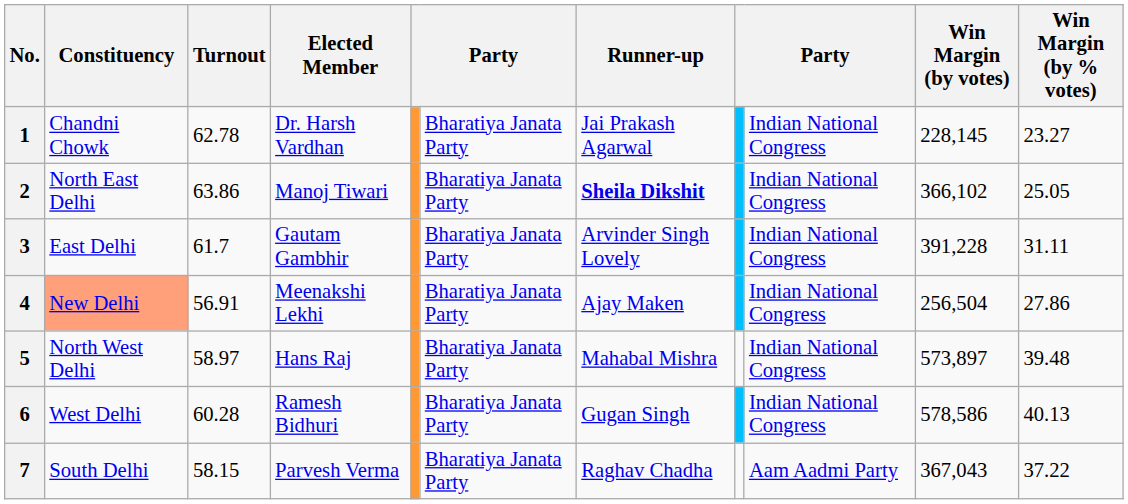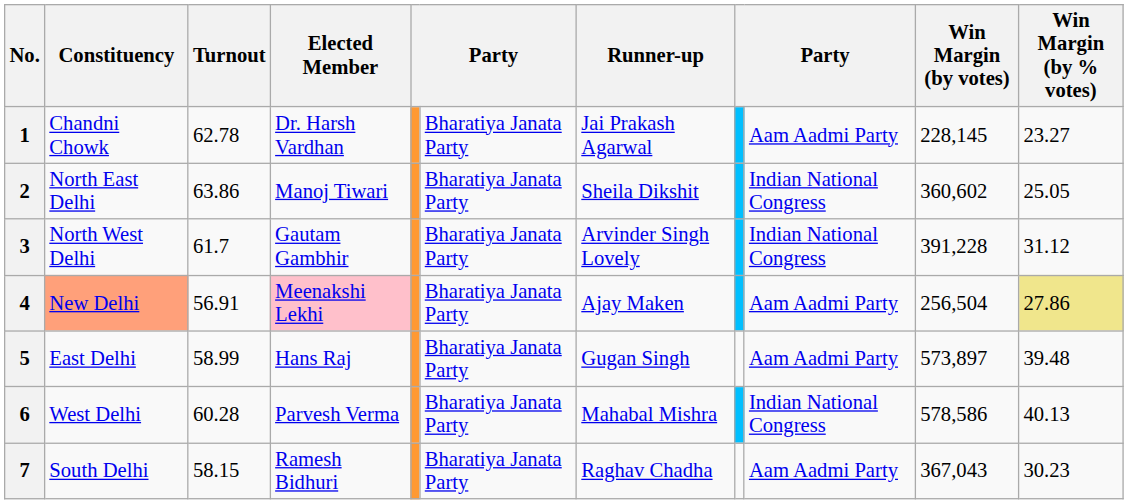 <table class="wikitable sortable">
 <tr>
 <th>No.</th>
 <th>Constituency</th>
 <th>Turnout<strong></strong></th>
 <th>Elected Member</th>
 <th colspan="2">Party</th>
 <th>Runner-up</th>
 <th colspan="2">Party</th>
 <th>Win Margin<br>(by votes)</th>
 <th>Win Margin<br>(by % votes)</th>
 </tr>
 <tr>
 <th>1</th>
 <td><a href='#'>Chandni Chowk</a></td>
 <td>62.78 </td>
 <td><a href='#'> Dr. Harsh Vardhan</a></td>
 <td bgcolor=#FF9933></td>
 <td><a href='#'>Bharatiya Janata Party</a></td>
 <td><a href='#'>Jai Prakash Agarwal</a></td>
 <td bgcolor=#00BFFF></td>
-<td><a href='#'>Indian National Congress</a></td>
+<td><a href='#'>Aam Aadmi Party</a></td>
 <td>228,145</td>
 <td>23.27</td>
 </tr>
 <tr>
 <th>2</th>
 <td><a href='#'>North East Delhi</a></td>
 <td>63.86 </td>
 <td><a href='#'>Manoj Tiwari</a></td>
 <td bgcolor=#FF9933></td>
 <td><a href='#'>Bharatiya Janata Party</a></td>
-<td><strong><a href='#'>Sheila Dikshit</a></strong></td>
+<td><a href='#'>Sheila Dikshit</a></td>
 <td bgcolor=#00BFFF></td>
 <td><a href='#'>Indian National Congress</a></td>
-<td>366,102</td>
+<td>360,602</td>
 <td>25.05</td>
 </tr>
 <tr>
 <th>3</th>
-<td><a href='#'>East Delhi</a></td>
+<td><a href='#'>North West Delhi</a></td>
 <td>61.7</td>
 <td><a href='#'>Gautam Gambhir</a></td>
 <td bgcolor=#FF9933></td>
 <td><a href='#'>Bharatiya Janata Party</a></td>
 <td><a href='#'>Arvinder Singh Lovely</a></td>
 <td bgcolor=#00BFFF></td>
 <td><a href='#'>Indian National Congress</a></td>
 <td>391,228</td>
-<td>31.11</td>
+<td>31.12</td>
 </tr>
 <tr>
 <th>4</th>
 <td style="background: lightsalmon;"><a href='#'>New Delhi</a></td>
 <td>56.91 </td>
-<td><a href='#'>Meenakshi Lekhi</a></td>
+<td style="background: pink;"><a href='#'>Meenakshi Lekhi</a></td>
 <td bgcolor=#FF9933></td>
 <td><a href='#'>Bharatiya Janata Party</a></td>
 <td><a href='#'>Ajay Maken</a></td>
 <td bgcolor=#00BFFF></td>
-<td><a href='#'>Indian National Congress</a></td>
+<td><a href='#'>Aam Aadmi Party</a></td>
 <td>256,504</td>
-<td>27.86</td>
+<td style="background: khaki;">27.86</td>
 </tr>
 <tr>
 <th>5</th>
-<td><a href='#'>North West Delhi</a></td>
-<td>58.97 </td>
+<td><a href='#'>East Delhi</a></td>
+<td>58.99 </td>
 <td><a href='#'>Hans Raj</a></td>
 <td bgcolor=#FF9933></td>
 <td><a href='#'>Bharatiya Janata Party</a></td>
-<td><a href='#'>Mahabal Mishra</a></td>
+<td><a href='#'>Gugan Singh</a></td>
 <td></td>
-<td><a href='#'>Indian National Congress</a></td>
+<td><a href='#'>Aam Aadmi Party</a></td>
 <td>573,897</td>
 <td>39.48</td>
 </tr>
 <tr>
 <th>6</th>
 <td><a href='#'>West Delhi</a></td>
 <td>60.28 </td>
-<td><a href='#'>Ramesh Bidhuri</a></td>
+<td><a href='#'>Parvesh Verma</a></td>
 <td bgcolor=#FF9933></td>
 <td><a href='#'>Bharatiya Janata Party</a></td>
-<td><a href='#'>Gugan Singh</a></td>
+<td><a href='#'>Mahabal Mishra</a></td>
 <td bgcolor=#00BFFF></td>
 <td><a href='#'>Indian National Congress</a></td>
 <td>578,586</td>
 <td>40.13</td>
 </tr>
 <tr>
 <th>7</th>
 <td><a href='#'>South Delhi</a></td>
 <td>58.15 </td>
-<td><a href='#'>Parvesh Verma</a></td>
+<td><a href='#'>Ramesh Bidhuri</a></td>
 <td bgcolor=#FF9933></td>
 <td><a href='#'>Bharatiya Janata Party</a></td>
 <td><a href='#'>Raghav Chadha</a></td>
 <td></td>
 <td><a href='#'>Aam Aadmi Party</a></td>
 <td>367,043</td>
-<td>37.22</td>
+<td>30.23</td>
 </tr>
 </table>
